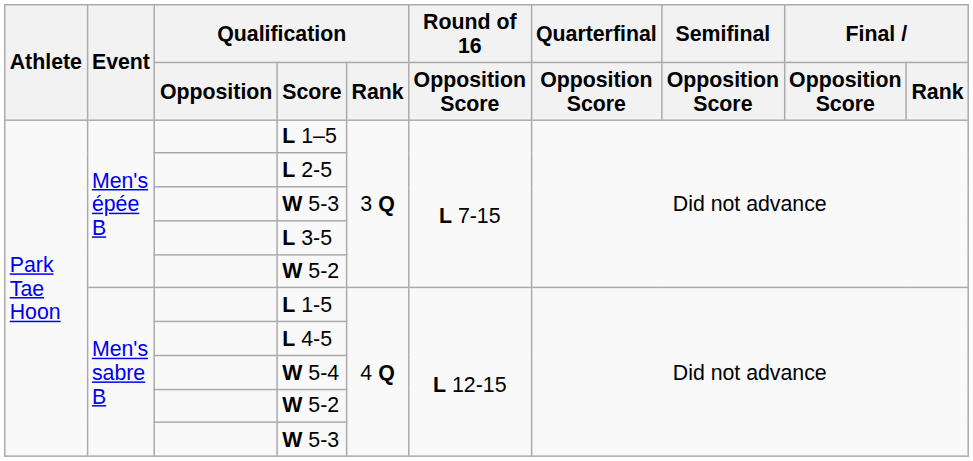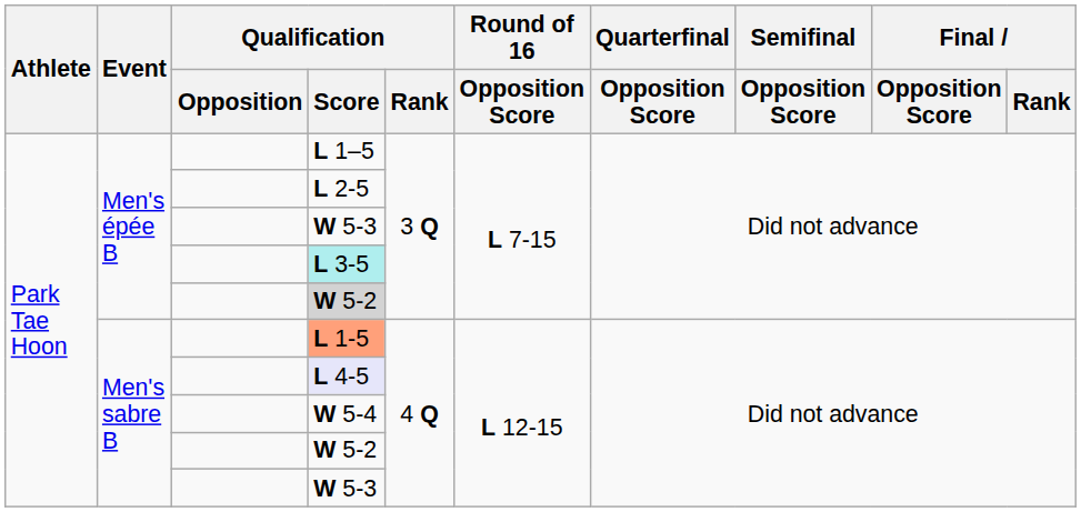 <table class=wikitable style="font-size:90%">
 <tr>
 <th rowspan="2">Athlete</th>
 <th rowspan="2">Event</th>
 <th colspan="3">Qualification</th>
 <th>Round of 16</th>
 <th>Quarterfinal</th>
 <th>Semifinal</th>
 <th colspan="2">Final / </th>
 </tr>
 <tr>
 <th>Opposition</th>
 <th>Score</th>
 <th>Rank</th>
 <th>Opposition<br>Score</th>
 <th>Opposition<br>Score</th>
 <th>Opposition<br>Score</th>
 <th>Opposition<br>Score</th>
 <th>Rank</th>
 </tr>
 <tr>
 <td rowspan=10><a href='#'>Park Tae Hoon</a></td>
 <td rowspan=5><a href='#'>Men's épée B</a></td>
 <td></td>
 <td><strong>L</strong> 1–5</td>
 <td align="center" rowspan=5>3 <strong>Q</strong></td>
 <td align="center" rowspan=5><br><strong>L</strong> 7-15</td>
 <td align="center" rowspan=5 colspan=4>Did not advance</td>
 </tr>
 <tr>
 <td></td>
 <td><strong>L</strong> 2-5</td>
 </tr>
 <tr>
 <td></td>
 <td><strong>W</strong> 5-3</td>
 </tr>
 <tr>
 <td></td>
-<td><strong>L</strong> 3-5</td>
+<td style="background: paleturquoise;"><strong>L</strong> 3-5</td>
 </tr>
 <tr>
 <td></td>
-<td><strong>W</strong> 5-2</td>
+<td style="background: lightgrey;"><strong>W</strong> 5-2</td>
 </tr>
 <tr>
 <td rowspan=5><a href='#'>Men's sabre B</a></td>
 <td></td>
-<td><strong>L</strong> 1-5</td>
+<td style="background: lightsalmon;"><strong>L</strong> 1-5</td>
 <td align="center" rowspan=5>4 <strong>Q</strong></td>
 <td align="center" rowspan=5><br><strong>L</strong> 12-15</td>
 <td align="center" rowspan=5 colspan=4>Did not advance</td>
 </tr>
 <tr>
 <td></td>
-<td><strong>L</strong> 4-5</td>
+<td style="background: lavender;"><strong>L</strong> 4-5</td>
 </tr>
 <tr>
 <td></td>
 <td><strong>W</strong> 5-4</td>
 </tr>
 <tr>
 <td></td>
 <td><strong>W</strong> 5-2</td>
 </tr>
 <tr>
 <td></td>
 <td><strong>W</strong> 5-3</td>
 </tr>
 </table>
